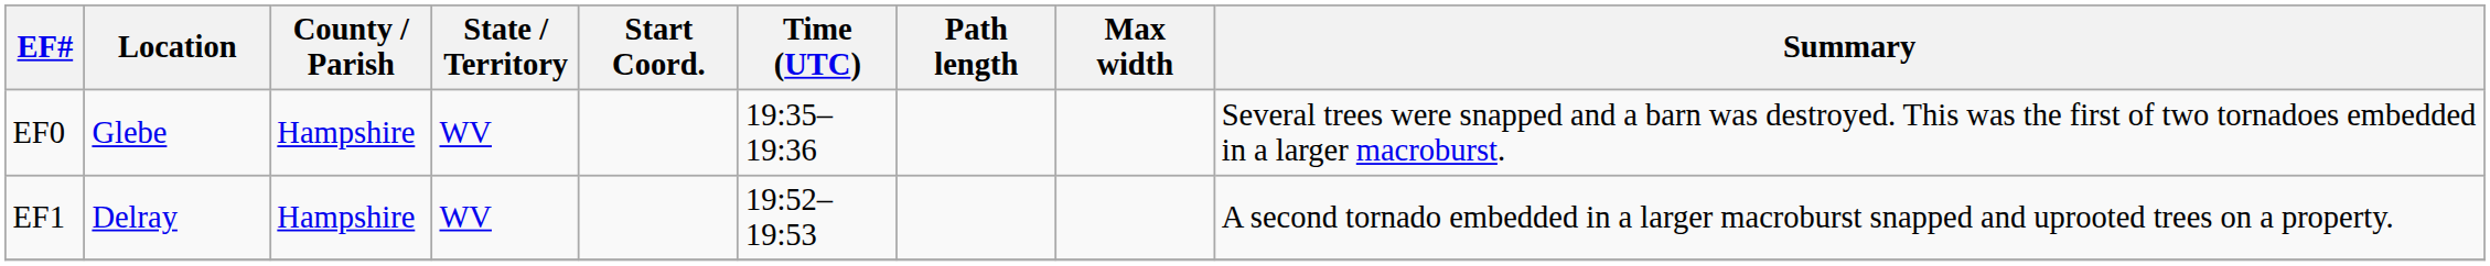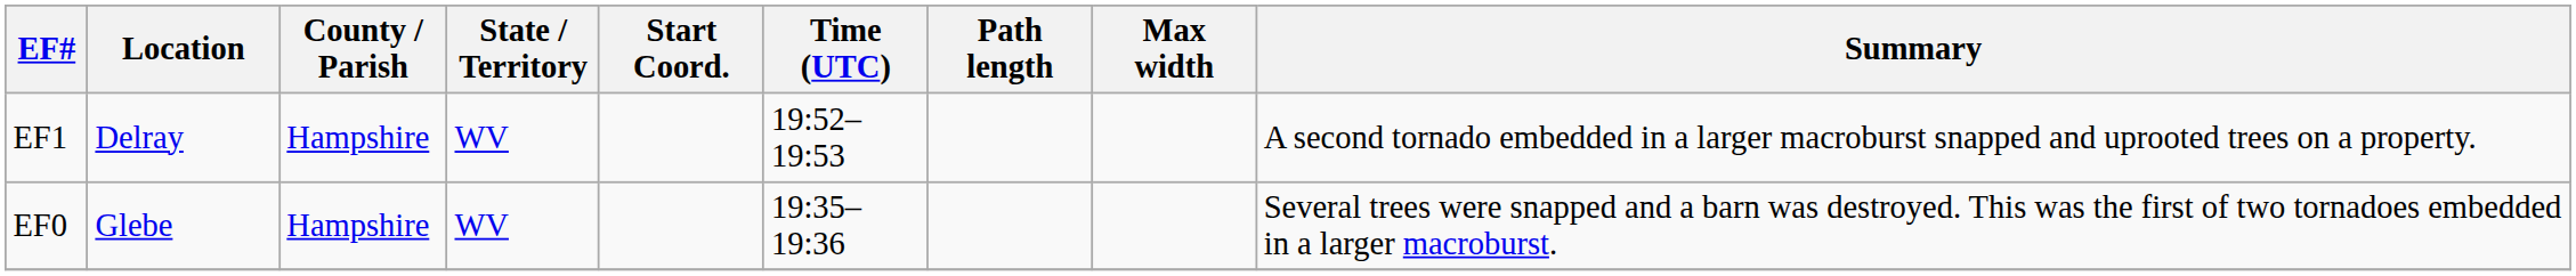 <table class="wikitable sortable" style="width:100%;">
 <tr>
 <th scope="col"  style="width:3%; text-align:center;"><a href='#'>EF#</a></th>
 <th scope="col"  style="width:7%; text-align:center;" class="unsortable">Location</th>
 <th scope="col"  style="width:6%; text-align:center;" class="unsortable">County / Parish</th>
 <th scope="col"  style="width:5%; text-align:center;">State / Territory</th>
 <th scope="col"  style="width:6%; text-align:center;">Start Coord.</th>
 <th scope="col"  style="width:6%; text-align:center;">Time (<a href='#'>UTC</a>)</th>
 <th scope="col"  style="width:6%; text-align:center;">Path length</th>
 <th scope="col"  style="width:6%; text-align:center;">Max width</th>
 <th scope="col" class="unsortable" style="width:48%; text-align:center;">Summary</th>
 </tr>
 <tr>
+<td>EF1</td>
+<td><a href='#'>Delray</a></td>
+<td><a href='#'>Hampshire</a></td>
+<td><a href='#'>WV</a></td>
+<td></td>
+<td>19:52–19:53</td>
+<td></td>
+<td></td>
+<td>A second tornado embedded in a larger macroburst snapped and uprooted trees on a property.</td>
+</tr>
+<tr>
 <td>EF0</td>
 <td><a href='#'>Glebe</a></td>
 <td><a href='#'>Hampshire</a></td>
 <td><a href='#'>WV</a></td>
 <td></td>
 <td>19:35–19:36</td>
 <td></td>
 <td></td>
 <td>Several trees were snapped and a barn was destroyed. This was the first of two tornadoes embedded in a larger <a href='#'>macroburst</a>.</td>
 </tr>
 <tr>
-<td>EF1</td>
-<td><a href='#'>Delray</a></td>
-<td><a href='#'>Hampshire</a></td>
-<td><a href='#'>WV</a></td>
-<td></td>
-<td>19:52–19:53</td>
-<td></td>
-<td></td>
-<td>A second tornado embedded in a larger macroburst snapped and uprooted trees on a property.</td>
-</tr>
-<tr>
 </tr>
 </table>
